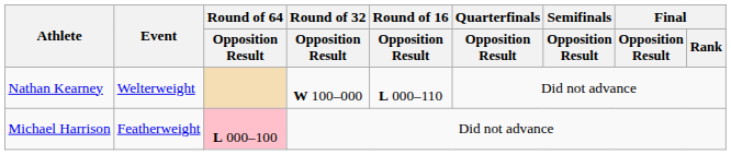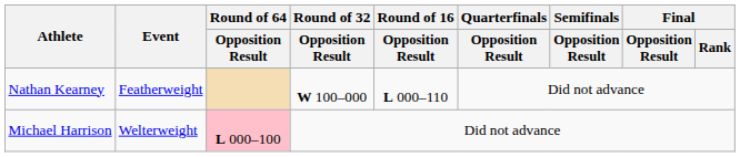 <table class="wikitable" style="font-size:90%;">
 <tr>
 <th rowspan=2>Athlete</th>
 <th rowspan=2>Event</th>
 <th>Round of 64</th>
 <th>Round of 32</th>
 <th>Round of 16</th>
 <th>Quarterfinals</th>
 <th>Semifinals</th>
 <th colspan=2>Final</th>
 </tr>
 <tr style="font-size:95%">
 <th>Opposition<br>Result</th>
 <th>Opposition<br>Result</th>
 <th>Opposition<br>Result</th>
 <th>Opposition<br>Result</th>
 <th>Opposition<br>Result</th>
 <th>Opposition<br>Result</th>
 <th>Rank</th>
 </tr>
 <tr align=center>
 <td align=left><a href='#'>Nathan Kearney</a></td>
-<td align=left><a href='#'>Welterweight</a></td>
+<td align=left><a href='#'>Featherweight</a></td>
 <td bgcolor=wheat></td>
 <td><br><strong>W</strong> 100–000</td>
 <td><br><strong>L</strong> 000–110</td>
 <td colspan=4 align=center>Did not advance</td>
 </tr>
 <tr align=center>
 <td align=left><a href='#'>Michael Harrison</a></td>
-<td align=left><a href='#'>Featherweight</a></td>
+<td align=left><a href='#'>Welterweight</a></td>
 <td style="background: pink;"><br><strong>L</strong> 000–100</td>
 <td colspan=6 align=center>Did not advance</td>
 </tr>
 </table>
